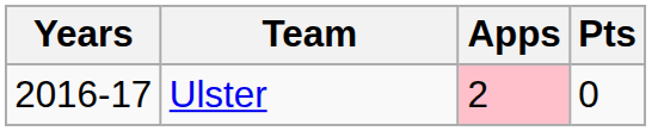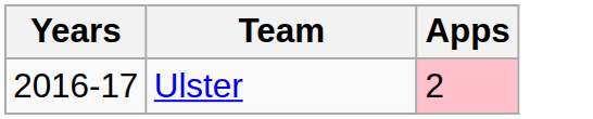 <table class="wikitable" style="text-align:left;">
 <tr>
 <th>Years</th>
 <th width=120px>Team</th>
 <th>Apps</th>
-<th>Pts</th>
 </tr>
 <tr>
 <td>2016-17</td>
 <td><a href='#'>Ulster</a></td>
 <td style="background: pink;">2</td>
-<td>0</td>
 </tr>
 </table>
